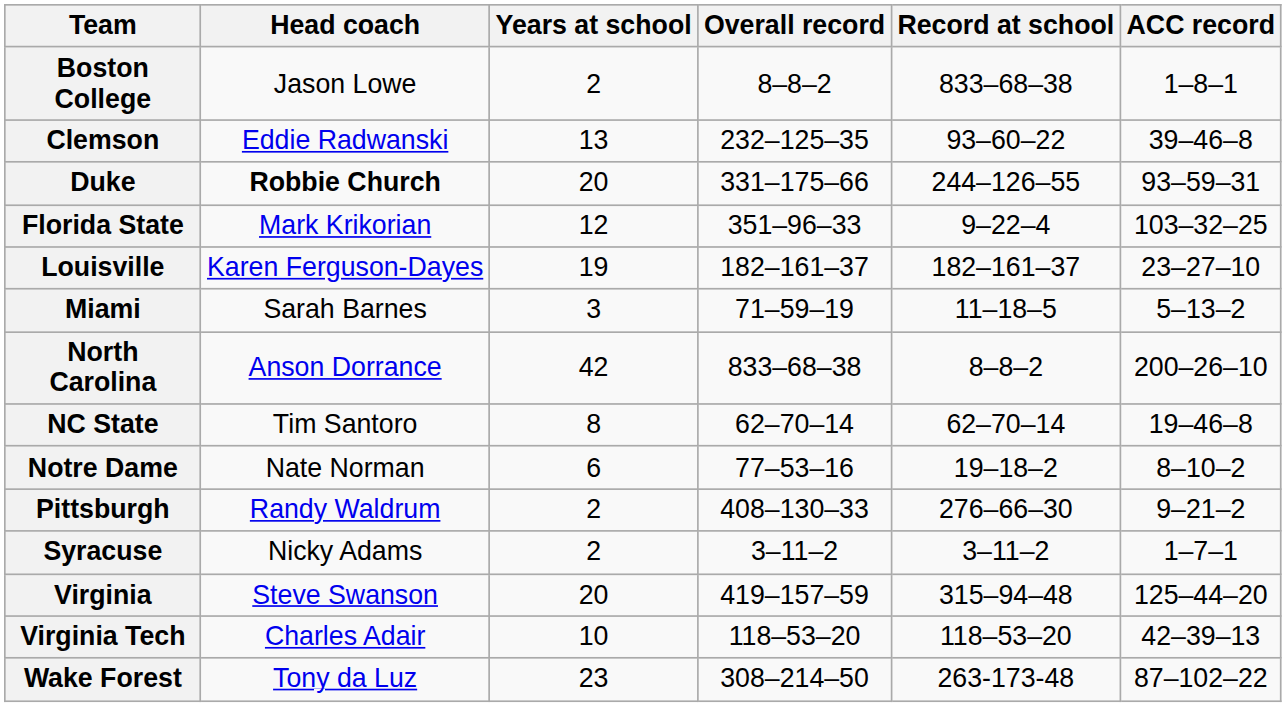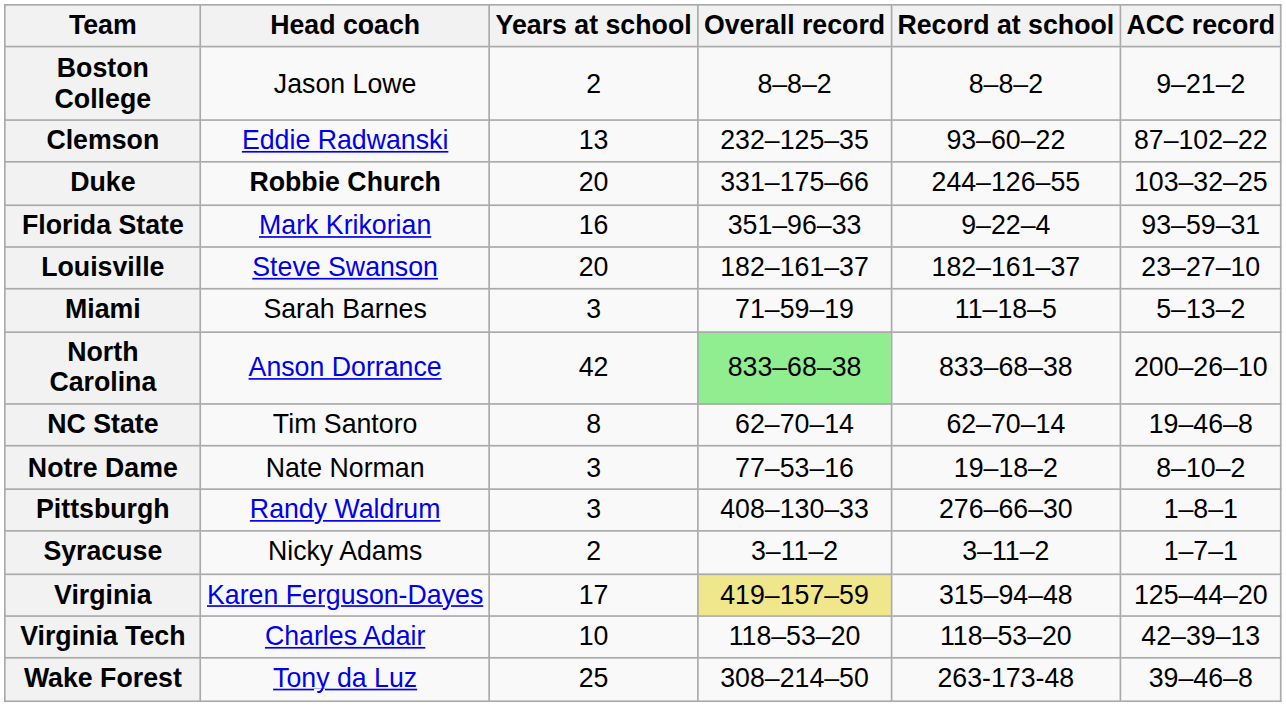 <table class="wikitable sortable" style="text-align: center;">
 <tr>
 <th width="110">Team</th>
 <th>Head coach</th>
 <th>Years at school</th>
 <th>Overall record</th>
 <th>Record at school</th>
 <th>ACC record</th>
 </tr>
 <tr>
 <th>Boston College</th>
 <td>Jason Lowe</td>
 <td>2</td>
 <td>8–8–2</td>
-<td>833–68–38</td>
-<td>1–8–1</td>
+<td>8–8–2</td>
+<td>9–21–2</td>
 </tr>
 <tr>
 <th>Clemson</th>
 <td><a href='#'>Eddie Radwanski</a></td>
 <td>13</td>
 <td>232–125–35</td>
 <td>93–60–22</td>
-<td>39–46–8</td>
+<td>87–102–22</td>
 </tr>
 <tr>
 <th>Duke</th>
 <td><strong>Robbie Church</strong></td>
 <td>20</td>
 <td>331–175–66</td>
 <td>244–126–55</td>
-<td>93–59–31</td>
+<td>103–32–25</td>
 </tr>
 <tr>
 <th>Florida State</th>
 <td><a href='#'>Mark Krikorian</a></td>
-<td>12</td>
+<td>16</td>
 <td>351–96–33</td>
 <td>9–22–4</td>
-<td>103–32–25</td>
+<td>93–59–31</td>
 </tr>
 <tr>
 <th>Louisville</th>
-<td><a href='#'>Karen Ferguson-Dayes</a></td>
-<td>19</td>
+<td><a href='#'>Steve Swanson</a></td>
+<td>20</td>
 <td>182–161–37</td>
 <td>182–161–37</td>
 <td>23–27–10</td>
 </tr>
 <tr>
 <th>Miami</th>
 <td>Sarah Barnes</td>
 <td>3</td>
 <td>71–59–19</td>
 <td>11–18–5</td>
 <td>5–13–2</td>
 </tr>
 <tr>
 <th>North Carolina</th>
 <td><a href='#'>Anson Dorrance</a></td>
 <td>42</td>
+<td style="background: lightgreen;">833–68–38</td>
 <td>833–68–38</td>
-<td>8–8–2</td>
 <td>200–26–10</td>
 </tr>
 <tr>
 <th>NC State</th>
 <td>Tim Santoro</td>
 <td>8</td>
 <td>62–70–14</td>
 <td>62–70–14</td>
 <td>19–46–8</td>
 </tr>
 <tr>
 <th>Notre Dame</th>
 <td>Nate Norman</td>
-<td>6</td>
+<td>3</td>
 <td>77–53–16</td>
 <td>19–18–2</td>
 <td>8–10–2</td>
 </tr>
 <tr>
 <th>Pittsburgh</th>
 <td><a href='#'>Randy Waldrum</a></td>
-<td>2</td>
+<td>3</td>
 <td>408–130–33</td>
 <td>276–66–30</td>
-<td>9–21–2</td>
+<td>1–8–1</td>
 </tr>
 <tr>
 <th>Syracuse</th>
 <td>Nicky Adams</td>
 <td>2</td>
 <td>3–11–2</td>
 <td>3–11–2</td>
 <td>1–7–1</td>
 </tr>
 <tr>
 <th>Virginia</th>
-<td><a href='#'>Steve Swanson</a></td>
-<td>20</td>
-<td>419–157–59</td>
+<td><a href='#'>Karen Ferguson-Dayes</a></td>
+<td>17</td>
+<td style="background: khaki;">419–157–59</td>
 <td>315–94–48</td>
 <td>125–44–20</td>
 </tr>
 <tr>
 <th>Virginia Tech</th>
 <td><a href='#'>Charles Adair</a></td>
 <td>10</td>
 <td>118–53–20</td>
 <td>118–53–20</td>
 <td>42–39–13</td>
 </tr>
 <tr>
 <th>Wake Forest</th>
 <td><a href='#'>Tony da Luz</a></td>
-<td>23</td>
+<td>25</td>
 <td>308–214–50</td>
 <td>263-173-48</td>
-<td>87–102–22</td>
+<td>39–46–8</td>
 </tr>
 </table>
